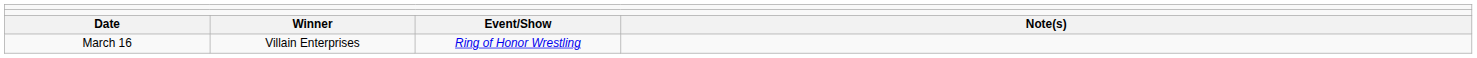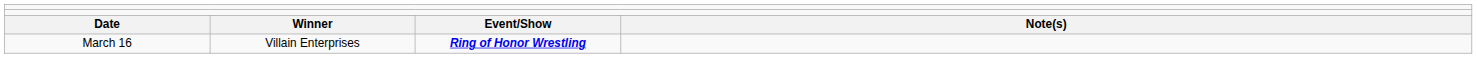 <table class="wikitable" style="text-align:center; width:100%;">
 <tr>
 <td colspan="4"></td>
 </tr>
 <tr>
 <td colspan="4"><strong></strong></td>
 </tr>
 <tr>
 <th width=14%>Date</th>
 <th width=14%>Winner</th>
 <th width=14%>Event/Show</th>
 <th width=58%>Note(s)</th>
 </tr>
 <tr>
 <td>March 16</td>
 <td>Villain Enterprises<br></td>
-<td><em><a href='#'>Ring of Honor Wrestling</a></em></td>
+<td><strong><em><a href='#'>Ring of Honor Wrestling</a></em></strong></td>
 <td></td>
 </tr>
 </table>
